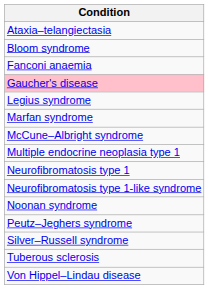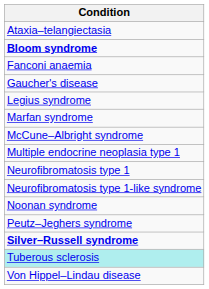 <table class="wikitable">
 <tr>
 <th>Condition</th>
 </tr>
 <tr>
 <td><a href='#'>Ataxia–telangiectasia</a></td>
 </tr>
 <tr>
-<td><a href='#'>Bloom syndrome</a></td>
+<td><strong><a href='#'>Bloom syndrome</a></strong></td>
 </tr>
 <tr>
 <td><a href='#'>Fanconi anaemia</a></td>
 </tr>
 <tr>
-<td style="background: pink;"><a href='#'>Gaucher's disease</a></td>
+<td><a href='#'>Gaucher's disease</a></td>
 </tr>
 <tr>
 <td><a href='#'>Legius syndrome</a></td>
 </tr>
 <tr>
 <td><a href='#'>Marfan syndrome</a></td>
 </tr>
 <tr>
 <td><a href='#'>McCune–Albright syndrome</a></td>
 </tr>
 <tr>
 <td><a href='#'>Multiple endocrine neoplasia type 1</a></td>
 </tr>
 <tr>
 <td><a href='#'>Neurofibromatosis type 1</a></td>
 </tr>
 <tr>
 <td><a href='#'>Neurofibromatosis type 1-like syndrome</a></td>
 </tr>
 <tr>
 <td><a href='#'>Noonan syndrome</a></td>
 </tr>
 <tr>
 <td><a href='#'>Peutz–Jeghers syndrome</a></td>
 </tr>
 <tr>
-<td><a href='#'>Silver–Russell syndrome</a></td>
+<td><strong><a href='#'>Silver–Russell syndrome</a></strong></td>
 </tr>
 <tr>
-<td><a href='#'>Tuberous sclerosis</a></td>
+<td style="background: paleturquoise;"><a href='#'>Tuberous sclerosis</a></td>
 </tr>
 <tr>
 <td><a href='#'>Von Hippel–Lindau disease</a></td>
 </tr>
 </table>
